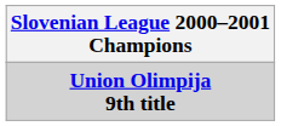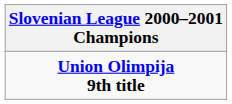 <table class="wikitable" style="text-align: center; margin: 0 auto;">
 <tr>
 <th><a href='#'>Slovenian League</a> 2000–2001<br>Champions</th>
 </tr>
 <tr>
 </tr>
 <tr>
-<td style="background: lightgrey;"><strong><a href='#'>Union Olimpija</a></strong><br><strong>9th title</strong></td>
+<td><strong><a href='#'>Union Olimpija</a></strong><br><strong>9th title</strong></td>
 </tr>
 </table>
